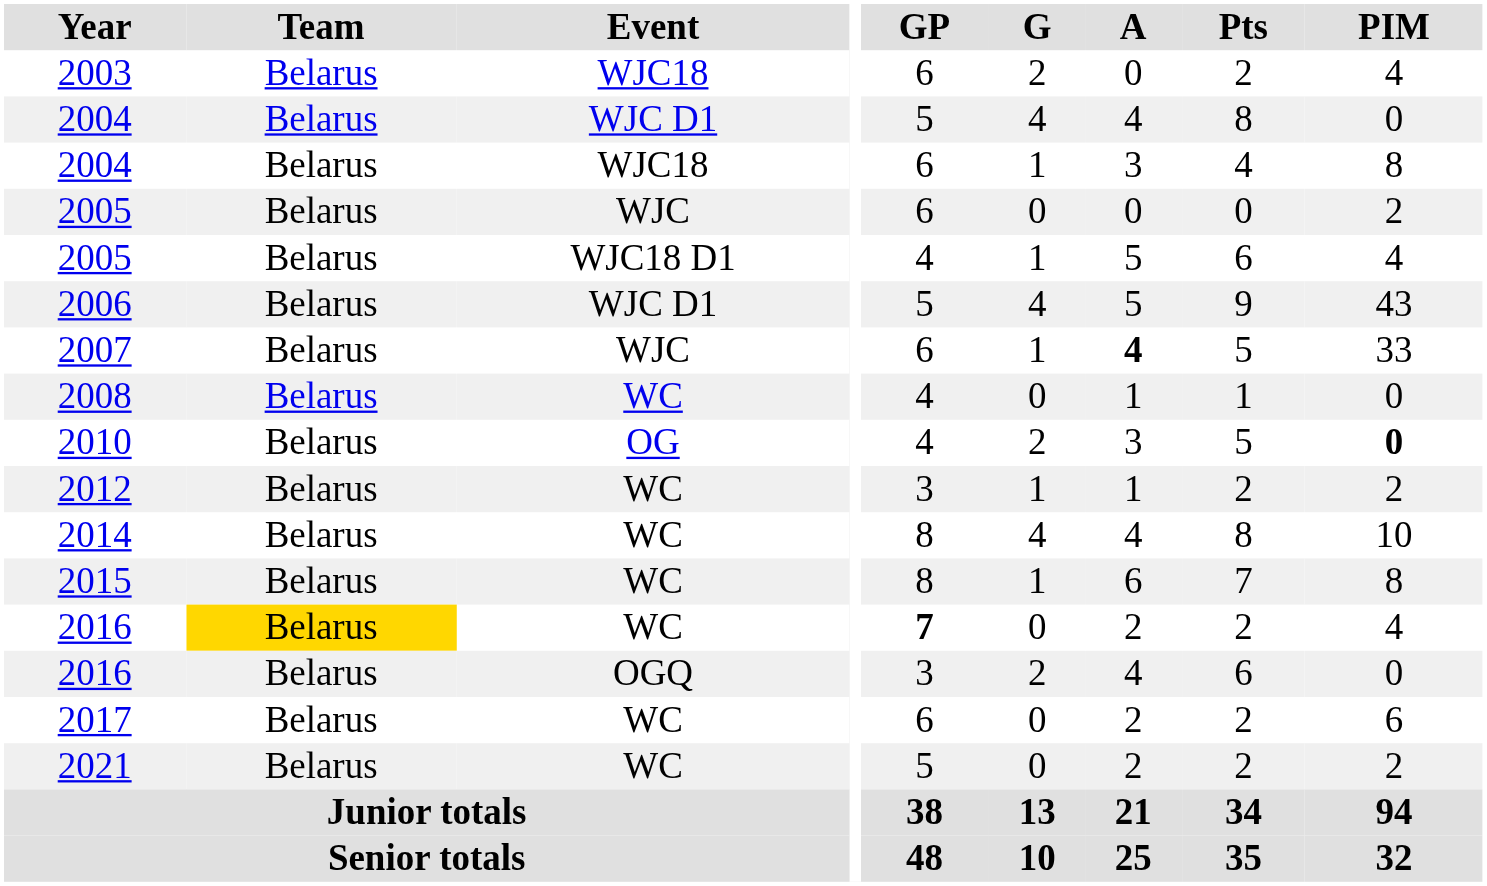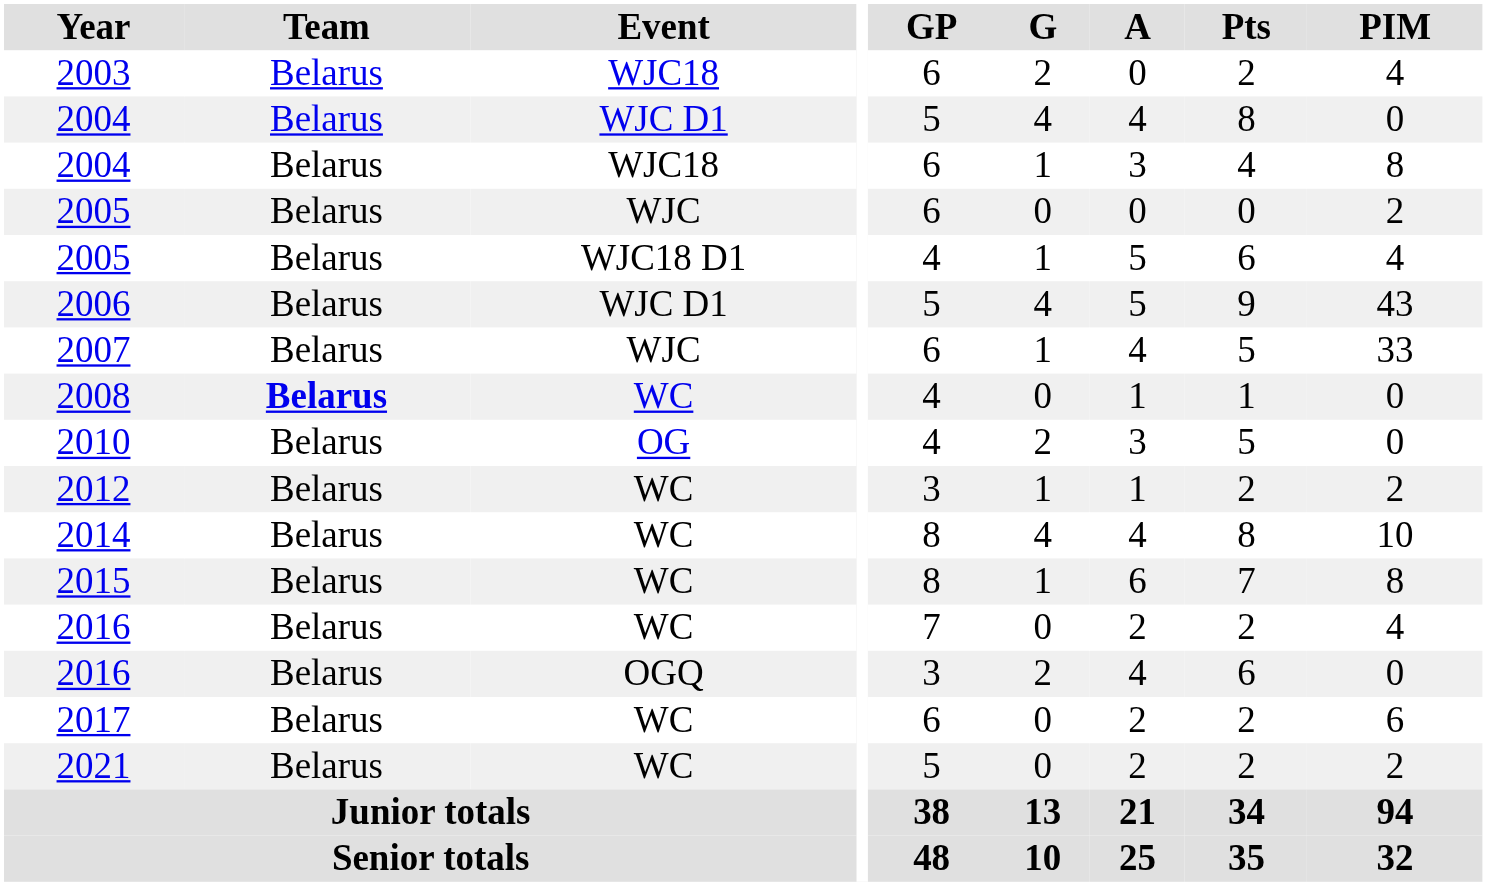 <table border="0" cellpadding="1" cellspacing="0" ID="Table3" style="text-align:center; width:40em">
 <tr ALIGN="center" bgcolor="#e0e0e0">
 <th>Year</th>
 <th>Team</th>
 <th>Event</th>
 <th rowspan="99" bgcolor="#ffffff"></th>
 <th>GP</th>
 <th>G</th>
 <th>A</th>
 <th>Pts</th>
 <th>PIM</th>
 </tr>
 <tr>
 <td><a href='#'>2003</a></td>
 <td><a href='#'>Belarus</a></td>
 <td><a href='#'>WJC18</a></td>
 <td>6</td>
 <td>2</td>
 <td>0</td>
 <td>2</td>
 <td>4</td>
 </tr>
 <tr bgcolor="#f0f0f0">
 <td><a href='#'>2004</a></td>
 <td><a href='#'>Belarus</a></td>
 <td><a href='#'>WJC D1</a></td>
 <td>5</td>
 <td>4</td>
 <td>4</td>
 <td>8</td>
 <td>0</td>
 </tr>
 <tr>
 <td><a href='#'>2004</a></td>
 <td>Belarus</td>
 <td>WJC18</td>
 <td>6</td>
 <td>1</td>
 <td>3</td>
 <td>4</td>
 <td>8</td>
 </tr>
 <tr bgcolor="#f0f0f0">
 <td><a href='#'>2005</a></td>
 <td>Belarus</td>
 <td>WJC</td>
 <td>6</td>
 <td>0</td>
 <td>0</td>
 <td>0</td>
 <td>2</td>
 </tr>
 <tr>
 <td><a href='#'>2005</a></td>
 <td>Belarus</td>
 <td>WJC18 D1</td>
 <td>4</td>
 <td>1</td>
 <td>5</td>
 <td>6</td>
 <td>4</td>
 </tr>
 <tr bgcolor="#f0f0f0">
 <td><a href='#'>2006</a></td>
 <td>Belarus</td>
 <td>WJC D1</td>
 <td>5</td>
 <td>4</td>
 <td>5</td>
 <td>9</td>
 <td>43</td>
 </tr>
 <tr>
 <td><a href='#'>2007</a></td>
 <td>Belarus</td>
 <td>WJC</td>
 <td>6</td>
 <td>1</td>
-<td><strong>4</strong></td>
+<td>4</td>
 <td>5</td>
 <td>33</td>
 </tr>
 <tr bgcolor="#f0f0f0">
 <td><a href='#'>2008</a></td>
-<td><a href='#'>Belarus</a></td>
+<td><strong><a href='#'>Belarus</a></strong></td>
 <td><a href='#'>WC</a></td>
 <td>4</td>
 <td>0</td>
 <td>1</td>
 <td>1</td>
 <td>0</td>
 </tr>
 <tr>
 <td><a href='#'>2010</a></td>
 <td>Belarus</td>
 <td><a href='#'>OG</a></td>
 <td>4</td>
 <td>2</td>
 <td>3</td>
 <td>5</td>
-<td><strong>0</strong></td>
+<td>0</td>
 </tr>
 <tr bgcolor="#f0f0f0">
 <td><a href='#'>2012</a></td>
 <td>Belarus</td>
 <td>WC</td>
 <td>3</td>
 <td>1</td>
 <td>1</td>
 <td>2</td>
 <td>2</td>
 </tr>
 <tr>
 <td><a href='#'>2014</a></td>
 <td>Belarus</td>
 <td>WC</td>
 <td>8</td>
 <td>4</td>
 <td>4</td>
 <td>8</td>
 <td>10</td>
 </tr>
 <tr bgcolor="#f0f0f0">
 <td><a href='#'>2015</a></td>
 <td>Belarus</td>
 <td>WC</td>
 <td>8</td>
 <td>1</td>
 <td>6</td>
 <td>7</td>
 <td>8</td>
 </tr>
 <tr>
 <td><a href='#'>2016</a></td>
-<td style="background: gold;">Belarus</td>
+<td>Belarus</td>
 <td>WC</td>
-<td><strong>7</strong></td>
+<td>7</td>
 <td>0</td>
 <td>2</td>
 <td>2</td>
 <td>4</td>
 </tr>
 <tr bgcolor="#f0f0f0">
 <td><a href='#'>2016</a></td>
 <td>Belarus</td>
 <td>OGQ</td>
 <td>3</td>
 <td>2</td>
 <td>4</td>
 <td>6</td>
 <td>0</td>
 </tr>
 <tr>
 <td><a href='#'>2017</a></td>
 <td>Belarus</td>
 <td>WC</td>
 <td>6</td>
 <td>0</td>
 <td>2</td>
 <td>2</td>
 <td>6</td>
 </tr>
 <tr bgcolor="#f0f0f0">
 <td><a href='#'>2021</a></td>
 <td>Belarus</td>
 <td>WC</td>
 <td>5</td>
 <td>0</td>
 <td>2</td>
 <td>2</td>
 <td>2</td>
 </tr>
 <tr style="background:#e0e0e0;">
 <th colspan=3>Junior totals</th>
 <th>38</th>
 <th>13</th>
 <th>21</th>
 <th>34</th>
 <th>94</th>
 </tr>
 <tr style="background:#e0e0e0;">
 <th colspan=3>Senior totals</th>
 <th>48</th>
 <th>10</th>
 <th>25</th>
 <th>35</th>
 <th>32</th>
 </tr>
 </table>
